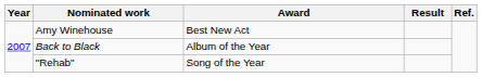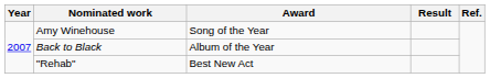 <table class="wikitable">
 <tr>
 <th>Year</th>
 <th width="220">Nominated work</th>
 <th width="325">Award</th>
 <th width="65">Result</th>
 <th>Ref.</th>
 </tr>
 <tr>
 <td align="center" rowspan=3><a href='#'>2007</a></td>
 <td>Amy Winehouse</td>
-<td>Best New Act</td>
+<td>Song of the Year</td>
 <td></td>
 <td align="center" rowspan=3><br></td>
 </tr>
 <tr>
 <td><em>Back to Black</em></td>
 <td>Album of the Year</td>
 <td></td>
 </tr>
 <tr>
 <td>"Rehab"</td>
-<td>Song of the Year</td>
+<td>Best New Act</td>
 <td></td>
 </tr>
 </table>
